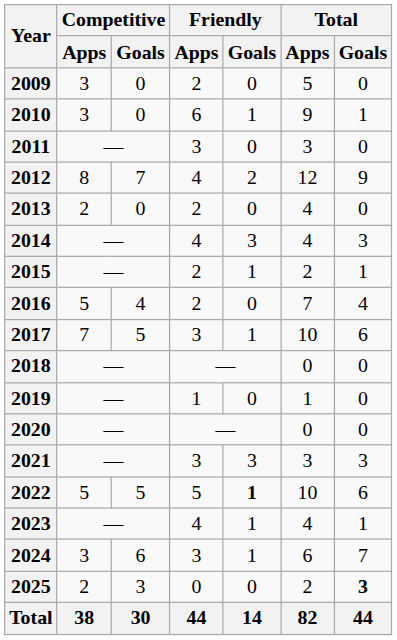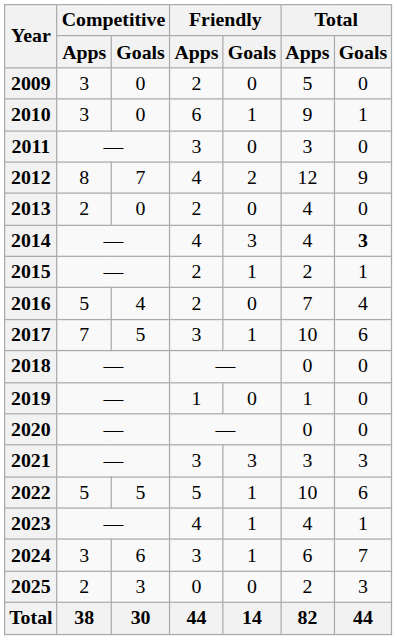 <table class=wikitable style=text-align:center>
 <tr>
 <th rowspan=2>Year</th>
 <th colspan=2>Competitive</th>
 <th colspan=2>Friendly</th>
 <th colspan=2>Total</th>
 </tr>
 <tr>
 <th>Apps</th>
 <th>Goals</th>
 <th>Apps</th>
 <th>Goals</th>
 <th>Apps</th>
 <th>Goals</th>
 </tr>
 <tr>
 <th>2009</th>
 <td>3</td>
 <td>0</td>
 <td>2</td>
 <td>0</td>
 <td>5</td>
 <td>0</td>
 </tr>
 <tr>
 <th>2010</th>
 <td>3</td>
 <td>0</td>
 <td>6</td>
 <td>1</td>
 <td>9</td>
 <td>1</td>
 </tr>
 <tr>
 <th>2011</th>
 <td colspan=2>—</td>
 <td>3</td>
 <td>0</td>
 <td>3</td>
 <td>0</td>
 </tr>
 <tr>
 <th>2012</th>
 <td>8</td>
 <td>7</td>
 <td>4</td>
 <td>2</td>
 <td>12</td>
 <td>9</td>
 </tr>
 <tr>
 <th>2013</th>
 <td>2</td>
 <td>0</td>
 <td>2</td>
 <td>0</td>
 <td>4</td>
 <td>0</td>
 </tr>
 <tr>
 <th>2014</th>
 <td colspan=2>—</td>
 <td>4</td>
 <td>3</td>
 <td>4</td>
-<td>3</td>
+<td><strong>3</strong></td>
 </tr>
 <tr>
 <th>2015</th>
 <td colspan=2>—</td>
 <td>2</td>
 <td>1</td>
 <td>2</td>
 <td>1</td>
 </tr>
 <tr>
 <th>2016</th>
 <td>5</td>
 <td>4</td>
 <td>2</td>
 <td>0</td>
 <td>7</td>
 <td>4</td>
 </tr>
 <tr>
 <th>2017</th>
 <td>7</td>
 <td>5</td>
 <td>3</td>
 <td>1</td>
 <td>10</td>
 <td>6</td>
 </tr>
 <tr>
 <th>2018</th>
 <td colspan=2>—</td>
 <td colspan=2>—</td>
 <td>0</td>
 <td>0</td>
 </tr>
 <tr>
 <th>2019</th>
 <td colspan=2>—</td>
 <td>1</td>
 <td>0</td>
 <td>1</td>
 <td>0</td>
 </tr>
 <tr>
 <th>2020</th>
 <td colspan=2>—</td>
 <td colspan=2>—</td>
 <td>0</td>
 <td>0</td>
 </tr>
 <tr>
 <th>2021</th>
 <td colspan=2>—</td>
 <td>3</td>
 <td>3</td>
 <td>3</td>
 <td>3</td>
 </tr>
 <tr>
 <th>2022</th>
 <td>5</td>
 <td>5</td>
 <td>5</td>
-<td><strong>1</strong></td>
+<td>1</td>
 <td>10</td>
 <td>6</td>
 </tr>
 <tr>
 <th>2023</th>
 <td colspan=2>—</td>
 <td>4</td>
 <td>1</td>
 <td>4</td>
 <td>1</td>
 </tr>
 <tr>
 <th>2024</th>
 <td>3</td>
 <td>6</td>
 <td>3</td>
 <td>1</td>
 <td>6</td>
 <td>7</td>
 </tr>
 <tr>
 <th>2025</th>
 <td>2</td>
 <td>3</td>
 <td>0</td>
 <td>0</td>
 <td>2</td>
-<td><strong>3</strong></td>
+<td>3</td>
 </tr>
 <tr>
 <th>Total</th>
 <th>38</th>
 <th>30</th>
 <th>44</th>
 <th>14</th>
 <th>82</th>
 <th>44</th>
 </tr>
 </table>
